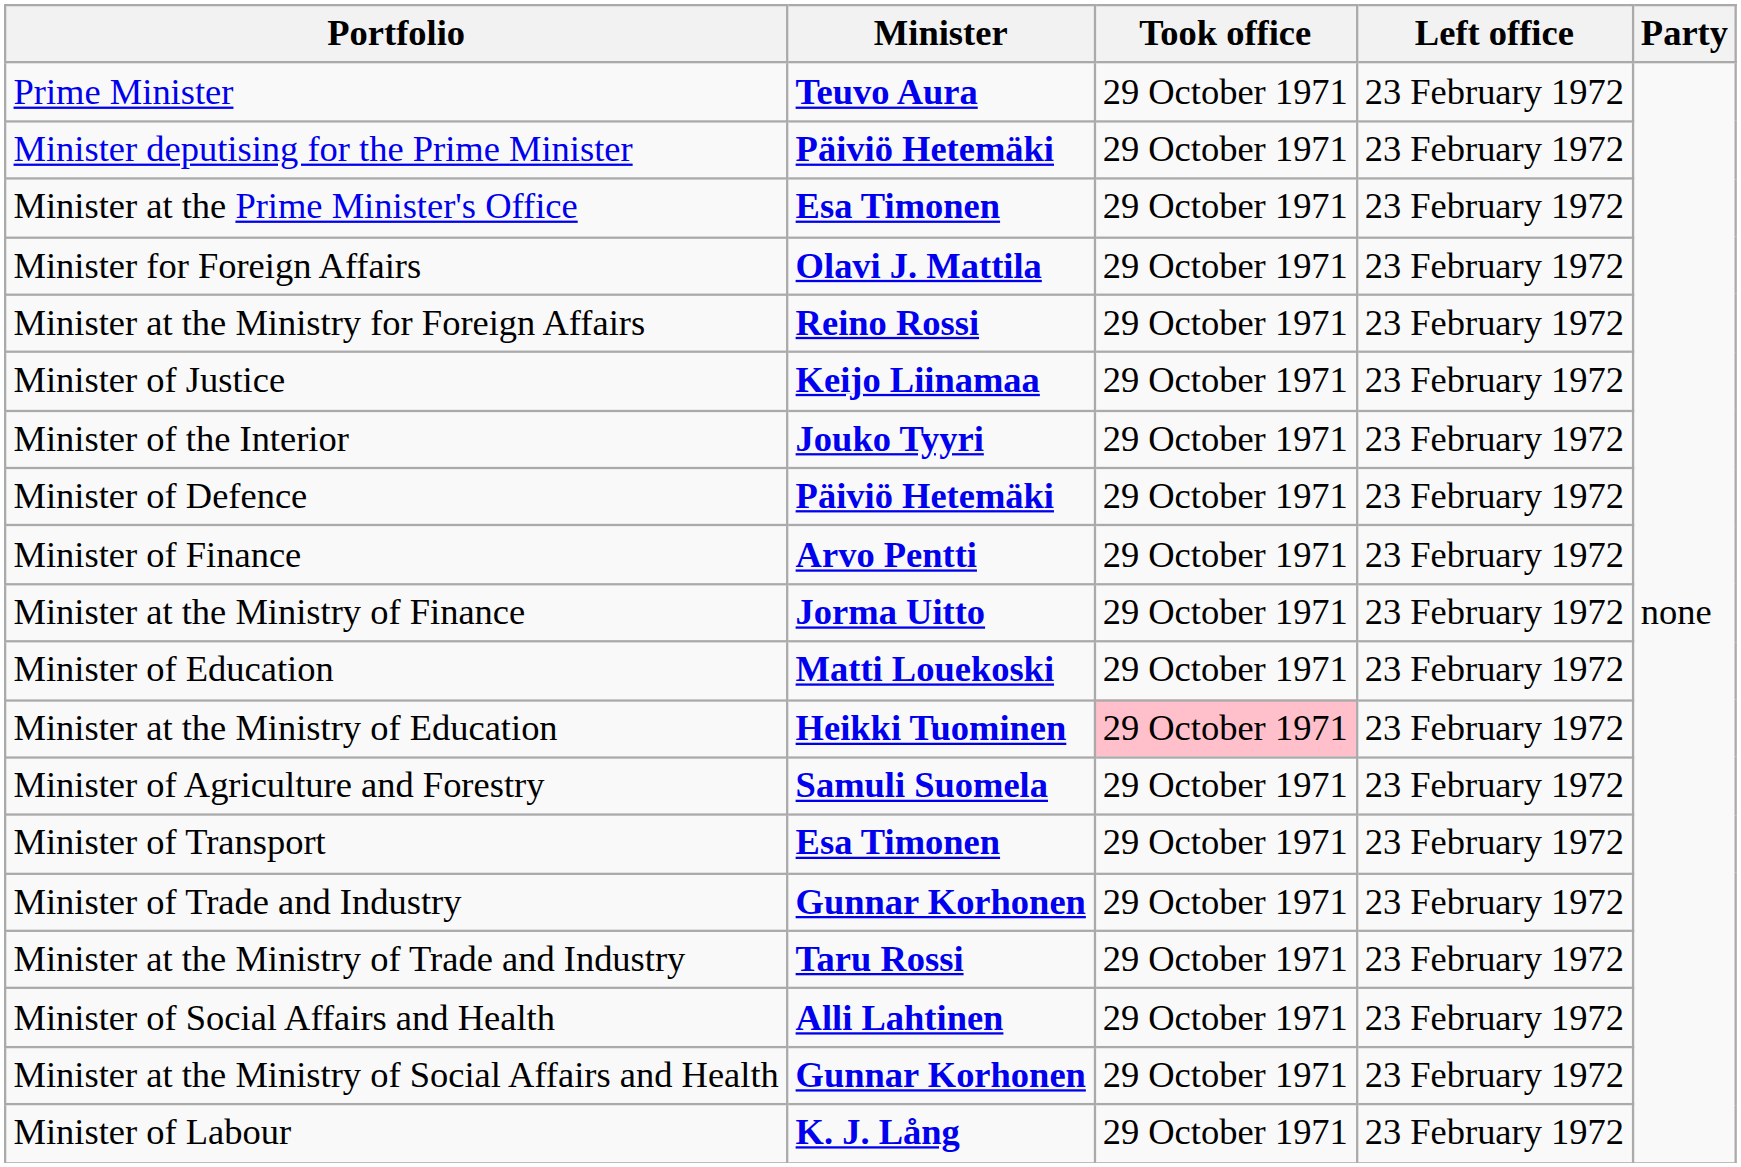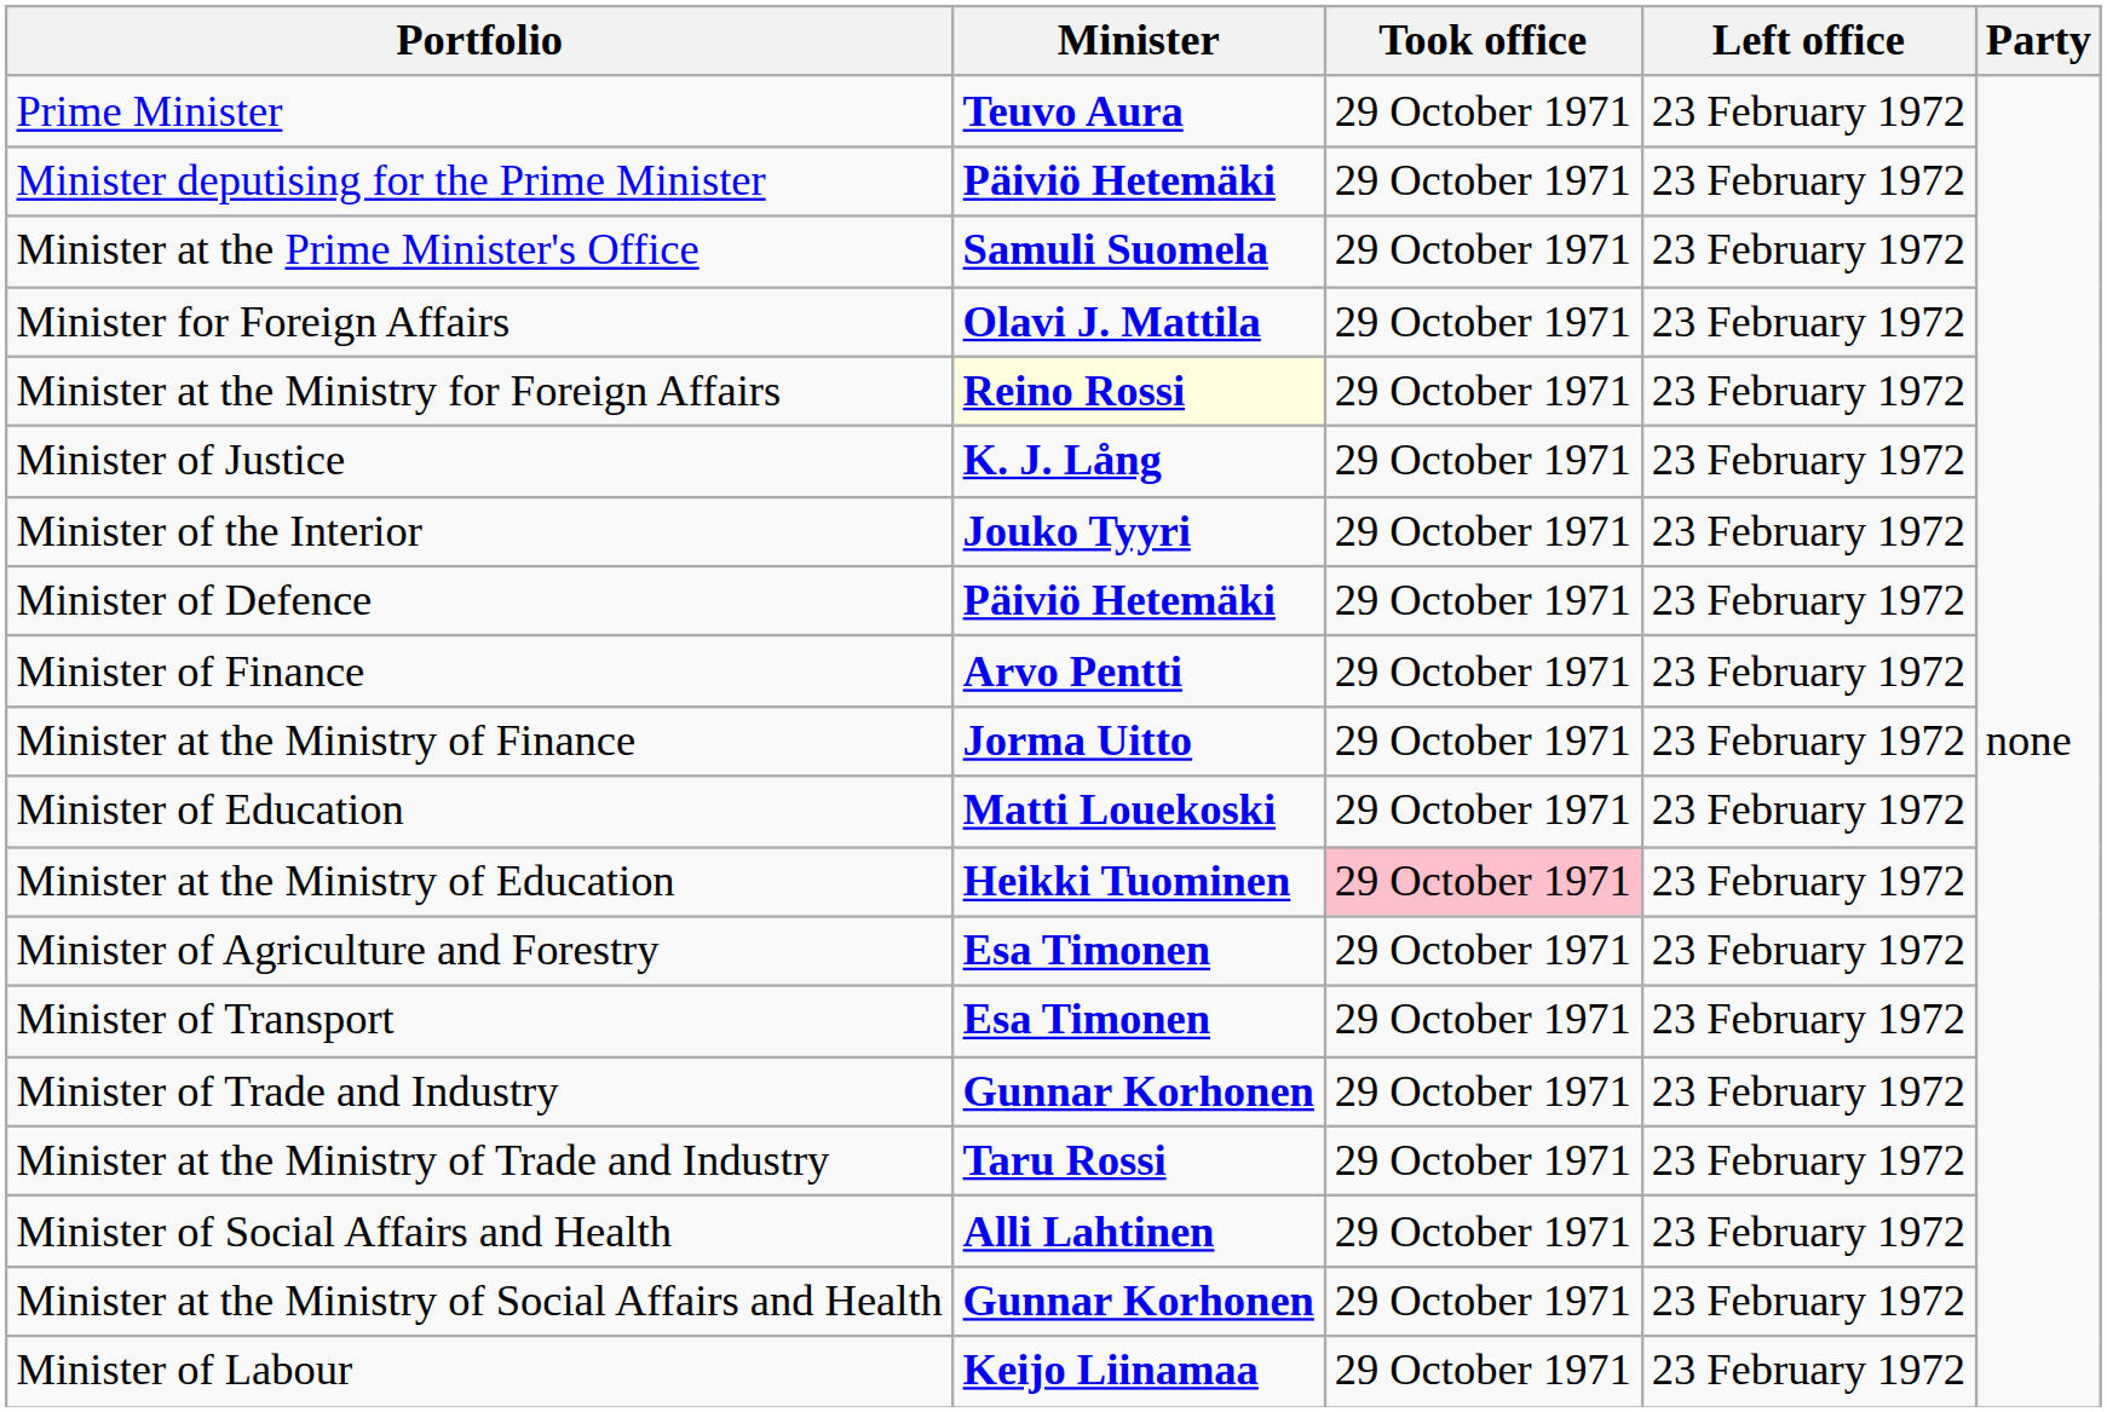 <table class="wikitable">
 <tr>
 <th>Portfolio</th>
 <th>Minister</th>
 <th>Took office</th>
 <th>Left office</th>
 <th>Party</th>
 </tr>
 <tr>
 <td><a href='#'>Prime Minister</a></td>
 <td><strong><a href='#'>Teuvo Aura</a></strong></td>
 <td>29 October 1971</td>
 <td>23 February 1972</td>
 <td rowspan="19">none</td>
 </tr>
 <tr>
 <td><a href='#'>Minister deputising for the Prime Minister</a></td>
 <td><strong><a href='#'>Päiviö Hetemäki</a></strong></td>
 <td>29 October 1971</td>
 <td>23 February 1972</td>
 </tr>
 <tr>
 <td>Minister at the <a href='#'>Prime Minister's Office</a></td>
-<td><strong><a href='#'>Esa Timonen</a></strong></td>
+<td><strong><a href='#'>Samuli Suomela</a></strong></td>
 <td>29 October 1971</td>
 <td>23 February 1972</td>
 </tr>
 <tr>
 <td>Minister for Foreign Affairs</td>
 <td><strong><a href='#'>Olavi J. Mattila</a></strong></td>
 <td>29 October 1971</td>
 <td>23 February 1972</td>
 </tr>
 <tr>
 <td>Minister at the Ministry for Foreign Affairs</td>
-<td><strong><a href='#'>Reino Rossi</a></strong></td>
+<td style="background: lightyellow;"><strong><a href='#'>Reino Rossi</a></strong></td>
 <td>29 October 1971</td>
 <td>23 February 1972</td>
 </tr>
 <tr>
 <td>Minister of Justice</td>
-<td><strong><a href='#'>Keijo Liinamaa</a></strong></td>
+<td><strong><a href='#'>K. J. Lång</a></strong></td>
 <td>29 October 1971</td>
 <td>23 February 1972</td>
 </tr>
 <tr>
 <td>Minister of the Interior</td>
 <td><strong><a href='#'>Jouko Tyyri</a></strong></td>
 <td>29 October 1971</td>
 <td>23 February 1972</td>
 </tr>
 <tr>
 <td>Minister of Defence</td>
 <td><strong><a href='#'>Päiviö Hetemäki</a></strong></td>
 <td>29 October 1971</td>
 <td>23 February 1972</td>
 </tr>
 <tr>
 <td>Minister of Finance</td>
 <td><strong><a href='#'>Arvo Pentti</a></strong></td>
 <td>29 October 1971</td>
 <td>23 February 1972</td>
 </tr>
 <tr>
 <td>Minister at the Ministry of Finance</td>
 <td><strong><a href='#'>Jorma Uitto</a></strong></td>
 <td>29 October 1971</td>
 <td>23 February 1972</td>
 </tr>
 <tr>
 <td>Minister of Education</td>
 <td><strong><a href='#'>Matti Louekoski</a></strong></td>
 <td>29 October 1971</td>
 <td>23 February 1972</td>
 </tr>
 <tr>
 <td>Minister at the Ministry of Education</td>
 <td><strong><a href='#'>Heikki Tuominen</a></strong></td>
 <td style="background: pink;">29 October 1971</td>
 <td>23 February 1972</td>
 </tr>
 <tr>
 <td>Minister of Agriculture and Forestry</td>
-<td><strong><a href='#'>Samuli Suomela</a></strong></td>
+<td><strong><a href='#'>Esa Timonen</a></strong></td>
 <td>29 October 1971</td>
 <td>23 February 1972</td>
 </tr>
 <tr>
 <td>Minister of Transport</td>
 <td><strong><a href='#'>Esa Timonen</a></strong></td>
 <td>29 October 1971</td>
 <td>23 February 1972</td>
 </tr>
 <tr>
 <td>Minister of Trade and Industry</td>
 <td><strong><a href='#'>Gunnar Korhonen</a></strong></td>
 <td>29 October 1971</td>
 <td>23 February 1972</td>
 </tr>
 <tr>
 <td>Minister at the Ministry of Trade and Industry</td>
 <td><strong><a href='#'>Taru Rossi</a></strong></td>
 <td>29 October 1971</td>
 <td>23 February 1972</td>
 </tr>
 <tr>
 <td>Minister of Social Affairs and Health</td>
 <td><strong><a href='#'>Alli Lahtinen</a></strong></td>
 <td>29 October 1971</td>
 <td>23 February 1972</td>
 </tr>
 <tr>
 <td>Minister at the Ministry of Social Affairs and Health</td>
 <td><strong><a href='#'>Gunnar Korhonen</a></strong></td>
 <td>29 October 1971</td>
 <td>23 February 1972</td>
 </tr>
 <tr>
 <td>Minister of Labour</td>
-<td><strong><a href='#'>K. J. Lång</a></strong></td>
+<td><strong><a href='#'>Keijo Liinamaa</a></strong></td>
 <td>29 October 1971</td>
 <td>23 February 1972</td>
 </tr>
 </table>
